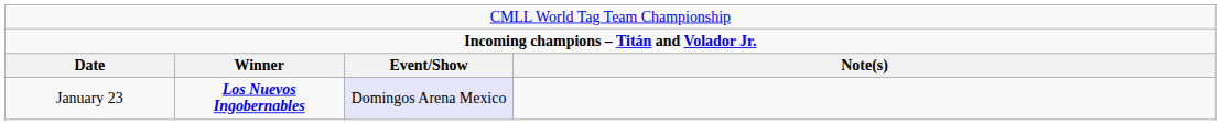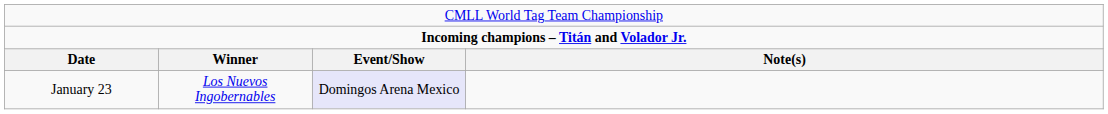 <table class="wikitable" style="text-align:center; width:100%;">
 <tr>
 <td colspan="4" style="text-align: center;"><a href='#'>CMLL World Tag Team Championship</a></td>
 </tr>
 <tr>
 <td colspan="4" style="text-align: center;"><strong>Incoming champions – <a href='#'>Titán</a> and <a href='#'>Volador Jr.</a></strong></td>
 </tr>
 <tr>
 <th width=14%>Date</th>
 <th width=14%>Winner</th>
 <th width=14%>Event/Show</th>
 <th width=58%>Note(s)</th>
 </tr>
 <tr>
 <td>January 23</td>
-<td><strong><em><a href='#'>Los Nuevos Ingobernables</a></em><br></strong></td>
+<td><em><a href='#'>Los Nuevos Ingobernables</a></em><br></td>
 <td style="background: lavender;">Domingos Arena Mexico</td>
 <td></td>
 </tr>
 </table>
